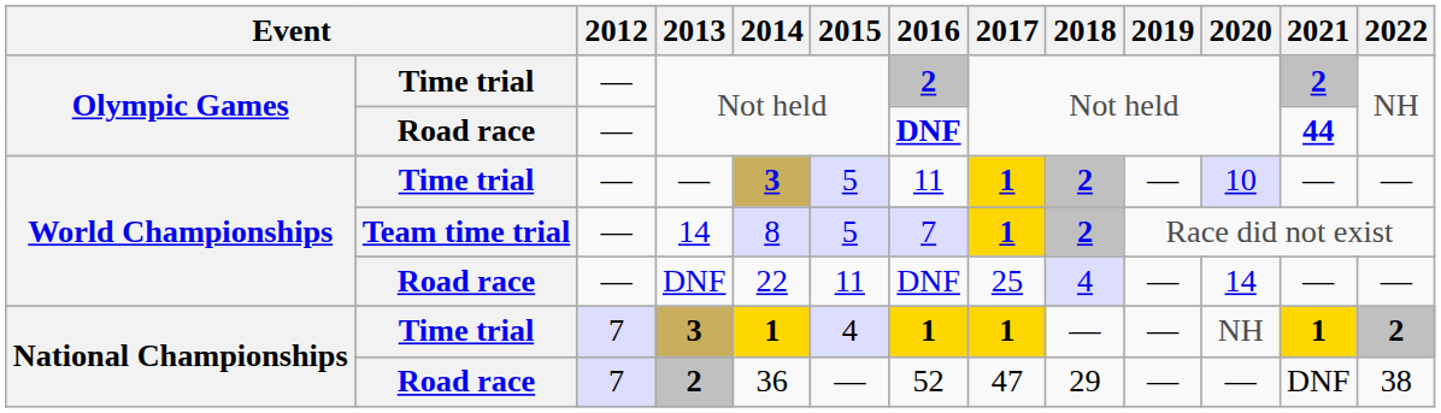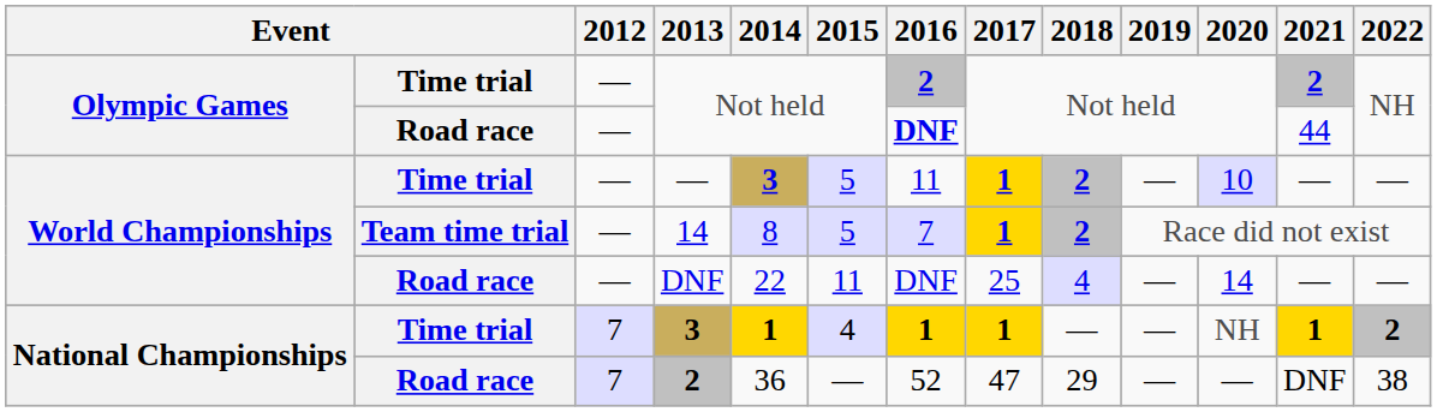 <table class="wikitable plainrowheaders">
 <tr>
 <th scope="col" colspan=2>Event</th>
 <th scope="col">2012</th>
 <th scope="col">2013</th>
 <th scope="col">2014</th>
 <th scope="col">2015</th>
 <th scope="col">2016</th>
 <th scope="col">2017</th>
 <th scope="col">2018</th>
 <th scope="col">2019</th>
 <th scope="col">2020</th>
 <th scope="col">2021</th>
 <th scope="col">2022</th>
 </tr>
 <tr style="text-align:center;">
 <th scope="row" rowspan=2> <a href='#'>Olympic Games</a></th>
 <th scope="row">Time trial</th>
 <td>—</td>
 <td style="color:#4d4d4d;" colspan=3 rowspan=2>Not held</td>
 <th style="background:silver;"><a href='#'>2</a></th>
 <td style="color:#4d4d4d;" colspan=4 rowspan=2>Not held</td>
 <th style="background:silver;"><a href='#'>2</a></th>
 <td style="color:#4d4d4d;" rowspan=2>NH</td>
 </tr>
 <tr style="text-align:center;">
 <th scope="row">Road race</th>
 <td>—</td>
 <td><strong><a href='#'>DNF</a></strong></td>
-<td><strong><a href='#'>44</a></strong></td>
+<td><a href='#'>44</a></td>
 </tr>
 <tr style="text-align:center;">
 <th scope="row" rowspan=3> <a href='#'>World Championships</a></th>
 <th scope="row"><a href='#'>Time trial</a></th>
 <td>—</td>
 <td>—</td>
 <th style="background:#C9AE5D;"><a href='#'>3</a></th>
 <td style="background:#ddf;"><a href='#'>5</a></td>
 <td><a href='#'>11</a></td>
 <th style="background:gold;"><a href='#'>1</a></th>
 <th style="background:silver;"><a href='#'>2</a></th>
 <td>—</td>
 <td style="background:#ddf;"><a href='#'>10</a></td>
 <td>—</td>
 <td>—</td>
 </tr>
 <tr style="text-align:center;">
 <th scope="row"><a href='#'>Team time trial</a></th>
 <td>—</td>
 <td><a href='#'>14</a></td>
 <td style="background:#ddf;"><a href='#'>8</a></td>
 <td style="background:#ddf;"><a href='#'>5</a></td>
 <td style="background:#ddf;"><a href='#'>7</a></td>
 <th style="background:gold;"><a href='#'>1</a></th>
 <th style="background:silver;"><a href='#'>2</a></th>
 <td style="color:#4d4d4d;" colspan=4>Race did not exist</td>
 </tr>
 <tr style="text-align:center;">
 <th scope="row"><a href='#'>Road race</a></th>
 <td>—</td>
 <td><a href='#'>DNF</a></td>
 <td><a href='#'>22</a></td>
 <td><a href='#'>11</a></td>
 <td><a href='#'>DNF</a></td>
 <td><a href='#'>25</a></td>
 <td style="background:#ddf;"><a href='#'>4</a></td>
 <td>—</td>
 <td><a href='#'>14</a></td>
 <td>—</td>
 <td>—</td>
 </tr>
 <tr style="text-align:center;">
 <th scope="row" rowspan=2> National Championships</th>
 <th scope="row"><a href='#'>Time trial</a></th>
 <td style="background:#ddf;">7</td>
 <th style="background:#C9AE5D;">3</th>
 <th style="background:gold;">1</th>
 <td style="background:#ddf;">4</td>
 <th style="background:gold;">1</th>
 <th style="background:gold;">1</th>
 <td>—</td>
 <td>—</td>
 <td style="color:#4d4d4d;">NH</td>
 <th style="background:gold;">1</th>
 <th style="background:silver;">2</th>
 </tr>
 <tr style="text-align:center;">
 <th scope="row"><a href='#'>Road race</a></th>
 <td style="background:#ddf;">7</td>
 <th style="background:silver;">2</th>
 <td>36</td>
 <td>—</td>
 <td>52</td>
 <td>47</td>
 <td>29</td>
 <td>—</td>
 <td>—</td>
 <td>DNF</td>
 <td>38</td>
 </tr>
 </table>
